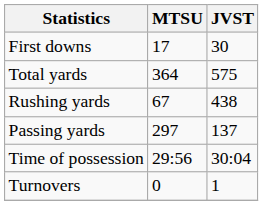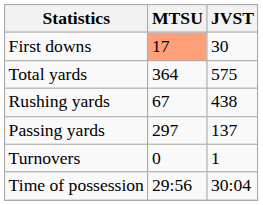 <table class="wikitable">
 <tr>
 <th>Statistics</th>
 <th>MTSU</th>
 <th>JVST</th>
 </tr>
 <tr>
 <td>First downs</td>
-<td>17</td>
+<td style="background: lightsalmon;">17</td>
 <td>30</td>
 </tr>
 <tr>
 <td>Total yards</td>
 <td>364</td>
 <td>575</td>
 </tr>
 <tr>
 <td>Rushing yards</td>
 <td>67</td>
 <td>438</td>
 </tr>
 <tr>
 <td>Passing yards</td>
 <td>297</td>
 <td>137</td>
 </tr>
 <tr>
+<td>Turnovers</td>
+<td>0</td>
+<td>1</td>
+</tr>
+<tr>
 <td>Time of possession</td>
 <td>29:56</td>
 <td>30:04</td>
 </tr>
 <tr>
-<td>Turnovers</td>
-<td>0</td>
-<td>1</td>
-</tr>
-<tr>
 </tr>
 </table>
